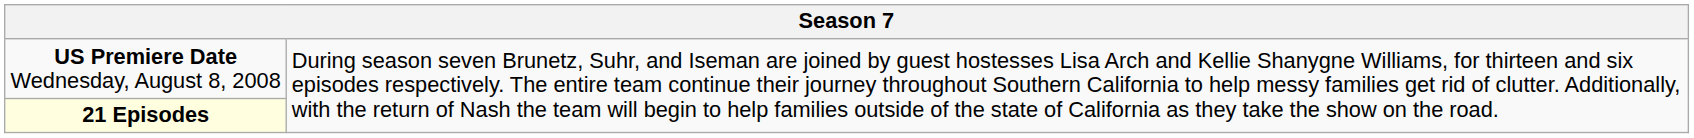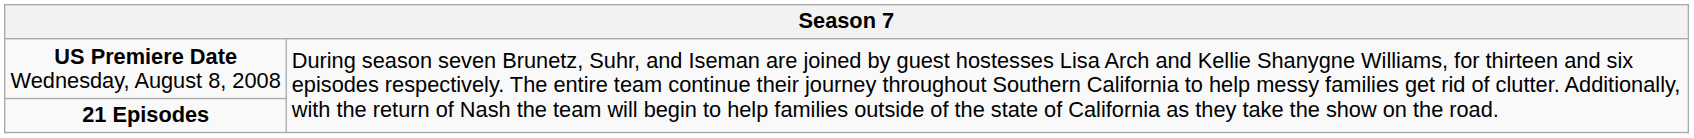 <table class="wikitable" style="width:98%;">
 <tr>
 <th colspan="2">Season 7</th>
 </tr>
 <tr>
 <td style="width:200px; text-align:center;"><strong>US Premiere Date</strong><br>Wednesday, August 8, 2008</td>
 <td rowspan="2">During season seven Brunetz, Suhr, and Iseman are joined by guest hostesses Lisa Arch and Kellie Shanygne Williams, for thirteen and six episodes respectively. The entire team continue their journey throughout Southern California to help messy families get rid of clutter. Additionally, with the return of Nash the team will begin to help families outside of the state of California as they take the show on the road.</td>
 </tr>
 <tr>
-<td style="background: lightyellow; text-align:center;"><strong>21 Episodes</strong></td>
+<td style="text-align:center;"><strong>21 Episodes</strong></td>
 </tr>
 </table>
